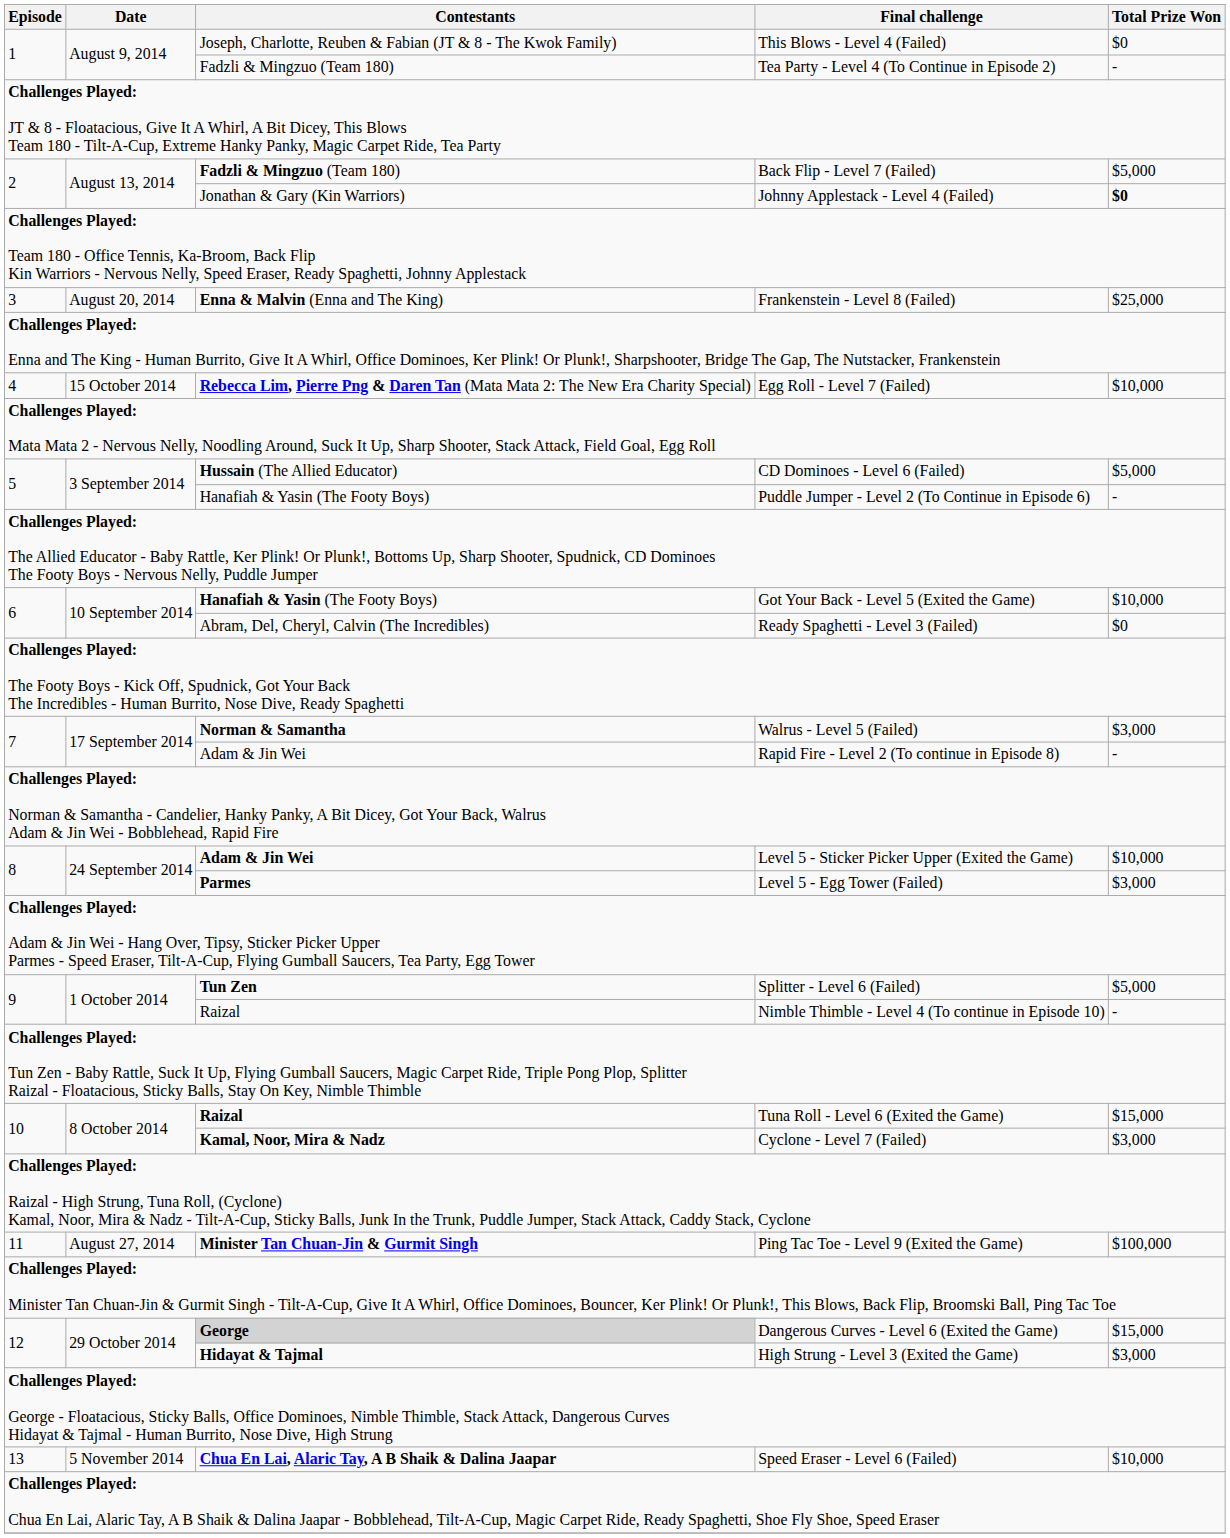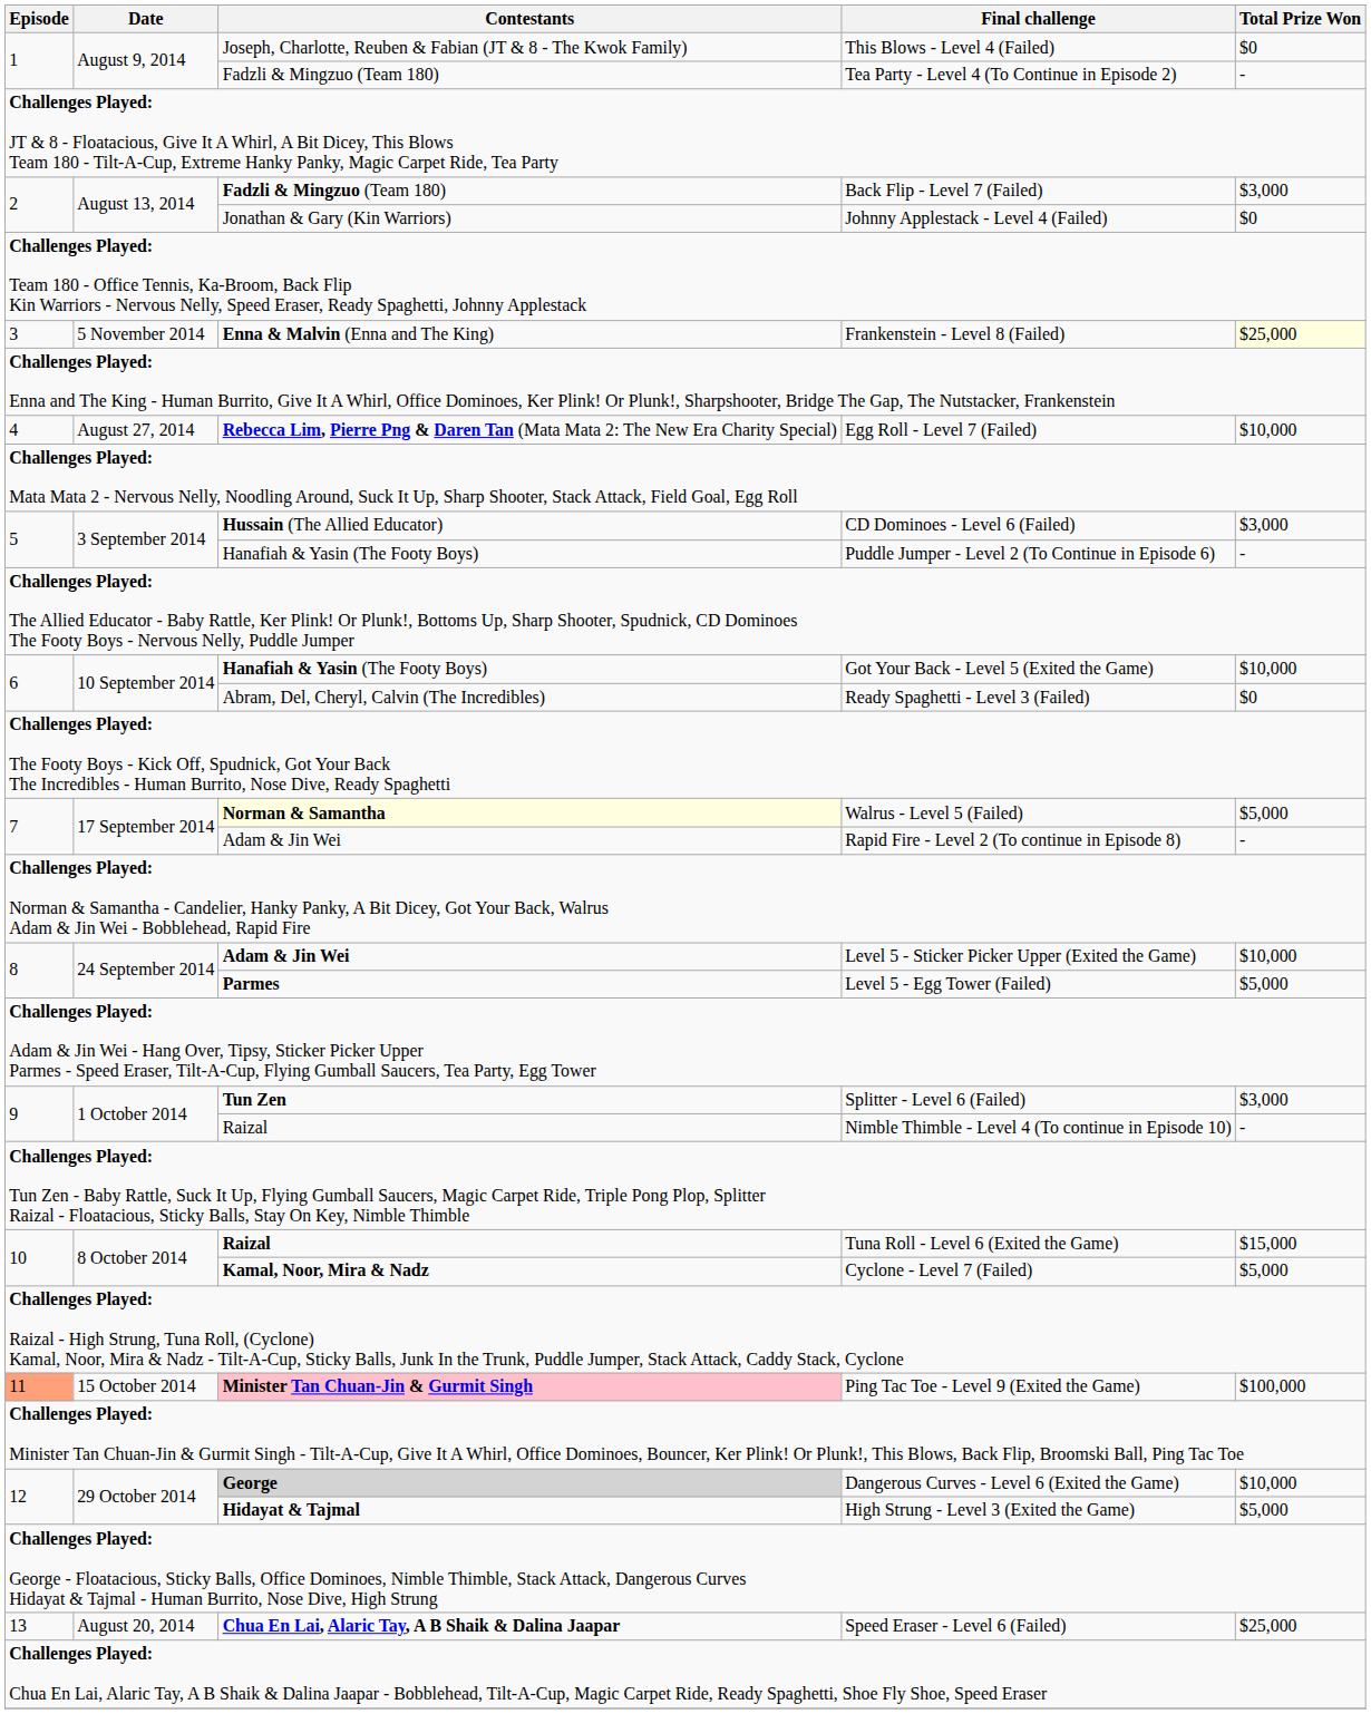 <table class="wikitable">
 <tr>
 <th>Episode</th>
 <th>Date</th>
 <th>Contestants</th>
 <th>Final challenge</th>
 <th>Total Prize Won</th>
 </tr>
 <tr>
 <td rowspan=2>1</td>
 <td rowspan=2>August 9, 2014</td>
 <td>Joseph, Charlotte, Reuben & Fabian (JT & 8 - The Kwok Family)</td>
 <td>This Blows - Level 4 (Failed)</td>
 <td>$0</td>
 </tr>
 <tr>
 <td>Fadzli & Mingzuo (Team 180)</td>
 <td>Tea Party - Level 4 (To Continue in Episode 2)</td>
 <td>-</td>
 </tr>
 <tr>
 <td colspan=5><strong>Challenges Played:</strong><br><br>JT & 8 - Floatacious, Give It A Whirl, A Bit Dicey, This Blows<br> Team 180 - Tilt-A-Cup, Extreme Hanky Panky, Magic Carpet Ride, Tea Party</td>
 </tr>
 <tr>
 <td rowspan=2>2</td>
 <td rowspan=2>August 13, 2014</td>
 <td><strong>Fadzli & Mingzuo</strong> (Team 180)</td>
 <td>Back Flip - Level 7 (Failed)</td>
-<td>$5,000</td>
+<td>$3,000</td>
 </tr>
 <tr>
 <td>Jonathan & Gary (Kin Warriors)</td>
 <td>Johnny Applestack - Level 4 (Failed)</td>
-<td><strong>$0</strong></td>
+<td>$0</td>
 </tr>
 <tr>
 <td colspan=5><strong>Challenges Played:</strong><br><br>Team 180 -  Office Tennis, Ka-Broom, Back Flip<br> Kin Warriors - Nervous Nelly, Speed Eraser, Ready Spaghetti, Johnny Applestack</td>
 </tr>
 <tr>
 <td>3</td>
-<td>August 20, 2014</td>
+<td>5 November 2014</td>
 <td><strong>Enna & Malvin</strong> (Enna and The King)</td>
 <td>Frankenstein - Level 8 (Failed)</td>
-<td>$25,000</td>
+<td style="background: lightyellow;">$25,000</td>
 </tr>
 <tr>
 <td colspan=5><strong>Challenges Played:</strong><br><br>Enna and The King - Human Burrito, Give It A Whirl, Office Dominoes, Ker Plink! Or Plunk!, Sharpshooter, Bridge The Gap, The Nutstacker, Frankenstein<br></td>
 </tr>
 <tr>
 <td>4</td>
-<td>15 October 2014</td>
+<td>August 27, 2014</td>
 <td><strong><a href='#'>Rebecca Lim</a>, <a href='#'>Pierre Png</a> & <a href='#'>Daren Tan</a></strong> (Mata Mata 2: The New Era Charity Special)</td>
 <td>Egg Roll - Level 7 (Failed)</td>
 <td>$10,000</td>
 </tr>
 <tr>
 <td colspan=5><strong>Challenges Played:</strong><br><br>Mata Mata 2 - Nervous Nelly, Noodling Around, Suck It Up, Sharp Shooter, Stack Attack, Field Goal, Egg Roll<br></td>
 </tr>
 <tr>
 <td rowspan=2>5</td>
 <td rowspan=2>3 September 2014</td>
 <td><strong>Hussain</strong> (The Allied Educator)</td>
 <td>CD Dominoes - Level 6 (Failed)</td>
-<td>$5,000</td>
+<td>$3,000</td>
 </tr>
 <tr>
 <td>Hanafiah & Yasin (The Footy Boys)</td>
 <td>Puddle Jumper - Level 2 (To Continue in Episode 6)</td>
 <td>-</td>
 </tr>
 <tr>
 <td colspan=5><strong>Challenges Played:</strong><br><br>The Allied Educator - Baby Rattle, Ker Plink! Or Plunk!, Bottoms Up, Sharp Shooter, Spudnick, CD Dominoes<br> The Footy Boys - Nervous Nelly, Puddle Jumper</td>
 </tr>
 <tr>
 <td rowspan=2>6</td>
 <td rowspan=2>10 September 2014</td>
 <td><strong>Hanafiah & Yasin</strong> (The Footy Boys)</td>
 <td>Got Your Back - Level 5 (Exited the Game)</td>
 <td>$10,000</td>
 </tr>
 <tr>
 <td>Abram, Del, Cheryl, Calvin (The Incredibles)</td>
 <td>Ready Spaghetti - Level 3 (Failed)</td>
 <td>$0</td>
 </tr>
 <tr>
 <td colspan=5><strong>Challenges Played:</strong><br><br>The Footy Boys - Kick Off, Spudnick, Got Your Back<br> The Incredibles - Human Burrito, Nose Dive, Ready Spaghetti</td>
 </tr>
 <tr>
 <td rowspan=2>7</td>
 <td rowspan=2>17 September 2014</td>
-<td><strong>Norman & Samantha</strong></td>
+<td style="background: lightyellow;"><strong>Norman & Samantha</strong></td>
 <td>Walrus - Level 5 (Failed)</td>
-<td>$3,000</td>
+<td>$5,000</td>
 </tr>
 <tr>
 <td>Adam & Jin Wei</td>
 <td>Rapid Fire - Level 2 (To continue in Episode 8)</td>
 <td>-</td>
 </tr>
 <tr>
 <td colspan=5><strong>Challenges Played:</strong><br><br>Norman & Samantha - Candelier, Hanky Panky, A Bit Dicey, Got Your Back, Walrus<br> Adam & Jin Wei - Bobblehead, Rapid Fire</td>
 </tr>
 <tr>
 <td rowspan=2>8</td>
 <td rowspan=2>24 September 2014</td>
 <td><strong>Adam & Jin Wei</strong></td>
 <td>Level 5 - Sticker Picker Upper (Exited the Game)</td>
 <td>$10,000</td>
 </tr>
 <tr>
 <td><strong>Parmes</strong></td>
 <td>Level 5 - Egg Tower (Failed)</td>
-<td>$3,000</td>
+<td>$5,000</td>
 </tr>
 <tr>
 <td colspan=5><strong>Challenges Played:</strong><br><br>Adam & Jin Wei - Hang Over, Tipsy, Sticker Picker Upper<br> Parmes - Speed Eraser, Tilt-A-Cup, Flying Gumball Saucers, Tea Party, Egg Tower</td>
 </tr>
 <tr>
 <td rowspan=2>9</td>
 <td rowspan=2>1 October 2014</td>
 <td><strong>Tun Zen</strong></td>
 <td>Splitter - Level 6 (Failed)</td>
-<td>$5,000</td>
+<td>$3,000</td>
 </tr>
 <tr>
 <td>Raizal</td>
 <td>Nimble Thimble - Level 4 (To continue in Episode 10)</td>
 <td>-</td>
 </tr>
 <tr>
 <td colspan=5><strong>Challenges Played:</strong><br><br>Tun Zen - Baby Rattle, Suck It Up, Flying Gumball Saucers, Magic Carpet Ride, Triple Pong Plop, Splitter<br> Raizal - Floatacious, Sticky Balls, Stay On Key, Nimble Thimble</td>
 </tr>
 <tr>
 <td rowspan=2>10</td>
 <td rowspan=2>8 October 2014</td>
 <td><strong>Raizal</strong></td>
 <td>Tuna Roll - Level 6 (Exited the Game)</td>
 <td>$15,000</td>
 </tr>
 <tr>
 <td><strong>Kamal, Noor, Mira & Nadz</strong></td>
 <td>Cyclone - Level 7 (Failed)</td>
-<td>$3,000</td>
+<td>$5,000</td>
 </tr>
 <tr>
 <td colspan=5><strong>Challenges Played:</strong><br><br>Raizal - High Strung, Tuna Roll, (Cyclone)<br> Kamal, Noor, Mira & Nadz - Tilt-A-Cup, Sticky Balls, Junk In the Trunk, Puddle Jumper, Stack Attack, Caddy Stack, Cyclone</td>
 </tr>
 <tr>
-<td>11</td>
-<td>August 27, 2014</td>
-<td><strong>Minister <a href='#'>Tan Chuan-Jin</a> & <a href='#'>Gurmit Singh</a></strong></td>
+<td style="background: lightsalmon;">11</td>
+<td>15 October 2014</td>
+<td style="background: pink;"><strong>Minister <a href='#'>Tan Chuan-Jin</a> & <a href='#'>Gurmit Singh</a></strong></td>
 <td>Ping Tac Toe - Level 9 (Exited the Game)</td>
 <td>$100,000</td>
 </tr>
 <tr>
 <td colspan=5><strong>Challenges Played:</strong><br><br>Minister Tan Chuan-Jin & Gurmit Singh - Tilt-A-Cup, Give It A Whirl, Office Dominoes, Bouncer, Ker Plink! Or Plunk!, This Blows, Back Flip, Broomski Ball, Ping Tac Toe<br></td>
 </tr>
 <tr>
 <td rowspan=2>12</td>
 <td rowspan=2>29 October 2014</td>
 <td style="background: lightgrey;"><strong>George</strong></td>
 <td>Dangerous Curves - Level 6 (Exited the Game)</td>
-<td>$15,000</td>
+<td>$10,000</td>
 </tr>
 <tr>
 <td><strong>Hidayat & Tajmal</strong></td>
 <td>High Strung - Level 3 (Exited the Game)</td>
-<td>$3,000</td>
+<td>$5,000</td>
 </tr>
 <tr>
 <td colspan=5><strong>Challenges Played:</strong><br><br>George - Floatacious, Sticky Balls, Office Dominoes, Nimble Thimble, Stack Attack, Dangerous Curves<br> Hidayat & Tajmal - Human Burrito, Nose Dive, High Strung</td>
 </tr>
 <tr>
 <td>13</td>
-<td>5 November 2014</td>
+<td>August 20, 2014</td>
 <td><strong><a href='#'>Chua En Lai</a>, <a href='#'>Alaric Tay</a>, A B Shaik & Dalina Jaapar</strong></td>
 <td>Speed Eraser - Level 6 (Failed)</td>
-<td>$10,000</td>
+<td>$25,000</td>
 </tr>
 <tr>
 <td colspan=5><strong>Challenges Played:</strong><br><br>Chua En Lai, Alaric Tay, A B Shaik & Dalina Jaapar - Bobblehead, Tilt-A-Cup, Magic Carpet Ride, Ready Spaghetti, Shoe Fly Shoe, Speed Eraser</td>
 </tr>
 <tr>
 </tr>
 </table>
